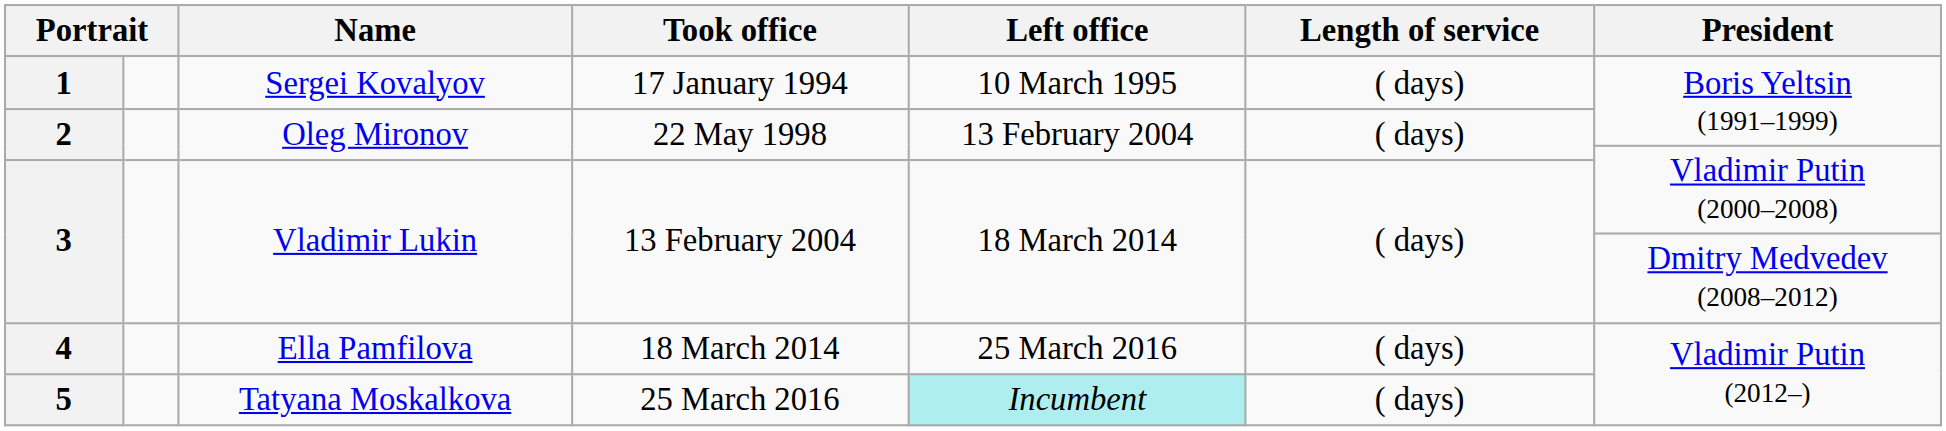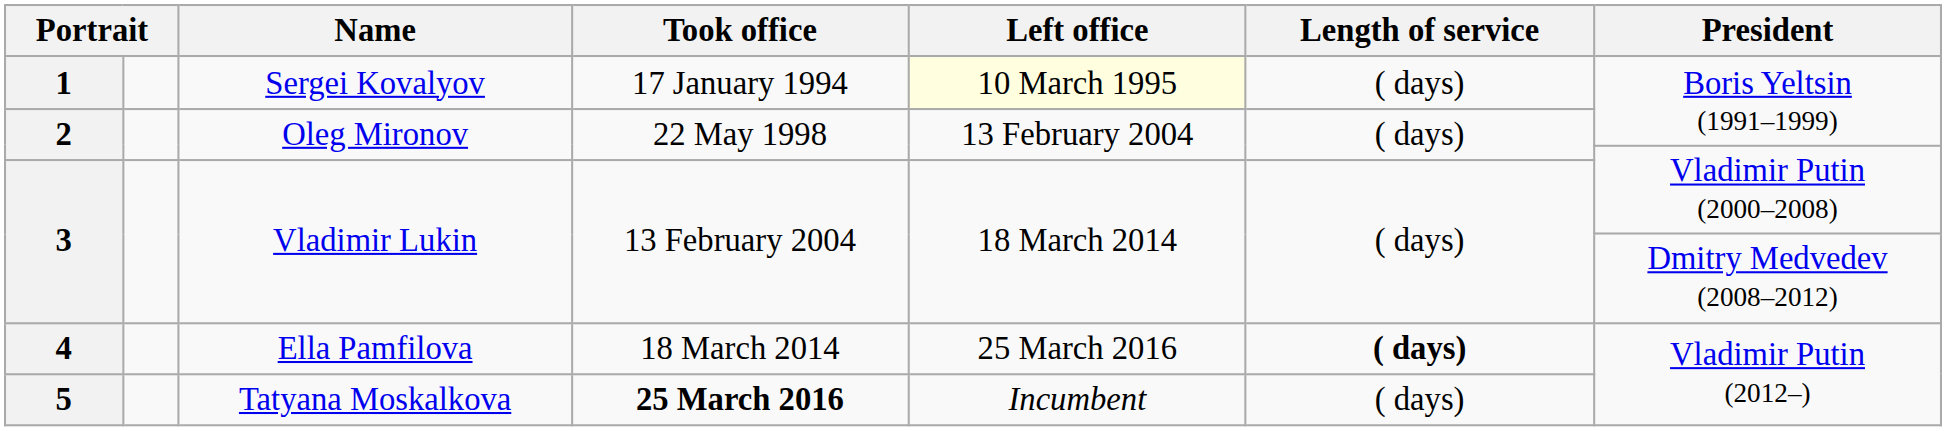 <table class="wikitable" width="60%" style="text-align:center">
 <tr>
 <th colspan=2>Portrait</th>
 <th>Name</th>
 <th>Took office</th>
 <th>Left office</th>
 <th>Length of service</th>
 <th>President</th>
 </tr>
 <tr>
 <th>1</th>
 <td></td>
 <td><a href='#'>Sergei Kovalyov</a></td>
 <td>17 January 1994</td>
-<td>10 March 1995</td>
+<td style="background: lightyellow;">10 March 1995</td>
 <td> ( days)</td>
 <td rowspan = 2><a href='#'>Boris Yeltsin</a><br><small>(1991–1999)</small></td>
 </tr>
 <tr>
 <th rowspan = 2>2</th>
 <td rowspan = 2></td>
 <td rowspan = 2><a href='#'>Oleg Mironov</a></td>
 <td rowspan = 2>22 May 1998</td>
 <td rowspan = 2>13 February 2004</td>
 <td rowspan = 2> ( days)</td>
 </tr>
 <tr>
 <td rowspan = 2><a href='#'>Vladimir Putin</a><br><small>(2000–2008)</small></td>
 </tr>
 <tr>
 <th rowspan = 3>3</th>
 <td rowspan = 3></td>
 <td rowspan = 3><a href='#'>Vladimir Lukin</a></td>
 <td rowspan = 3>13 February 2004</td>
 <td rowspan = 3>18 March 2014</td>
 <td rowspan = 3> ( days)</td>
 </tr>
 <tr>
 <td><a href='#'>Dmitry Medvedev</a><br><small>(2008–2012)</small></td>
 </tr>
 <tr>
 <td rowspan = 3><a href='#'>Vladimir Putin</a><br><small>(2012–)</small></td>
 </tr>
 <tr>
 <th>4</th>
 <td></td>
 <td><a href='#'>Ella Pamfilova</a></td>
 <td>18 March 2014</td>
 <td>25 March 2016</td>
-<td> ( days)</td>
+<td><strong> ( days)</strong></td>
 </tr>
 <tr>
 <th>5</th>
 <td></td>
 <td><a href='#'>Tatyana Moskalkova</a></td>
-<td>25 March 2016</td>
-<td style="background: paleturquoise;"><em>Incumbent</em></td>
+<td><strong>25 March 2016</strong></td>
+<td><em>Incumbent</em></td>
 <td> ( days)</td>
 </tr>
 </table>
